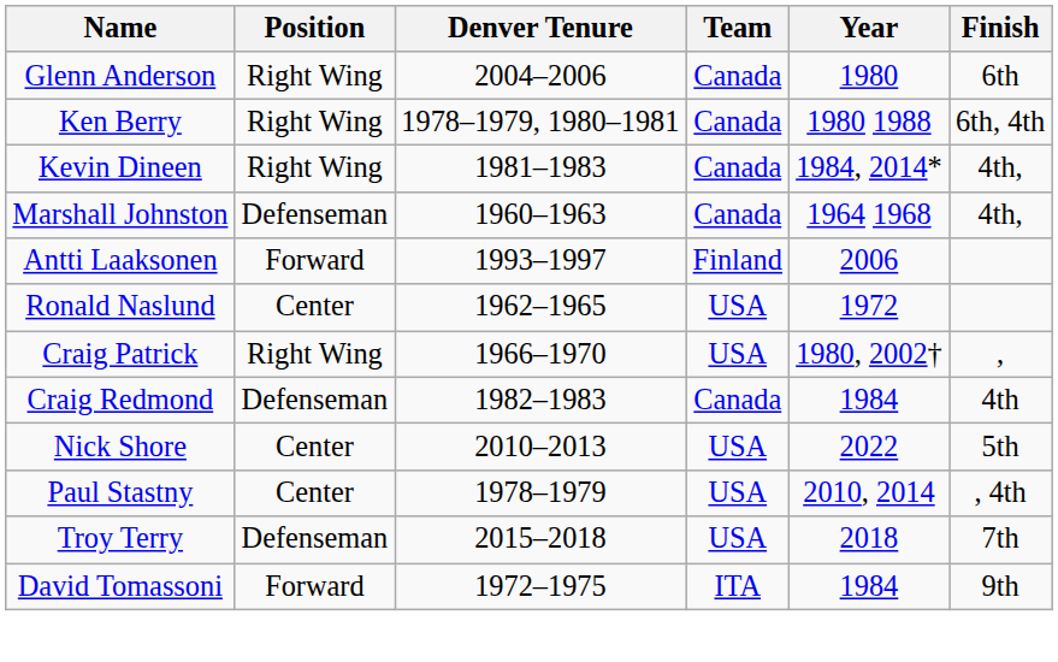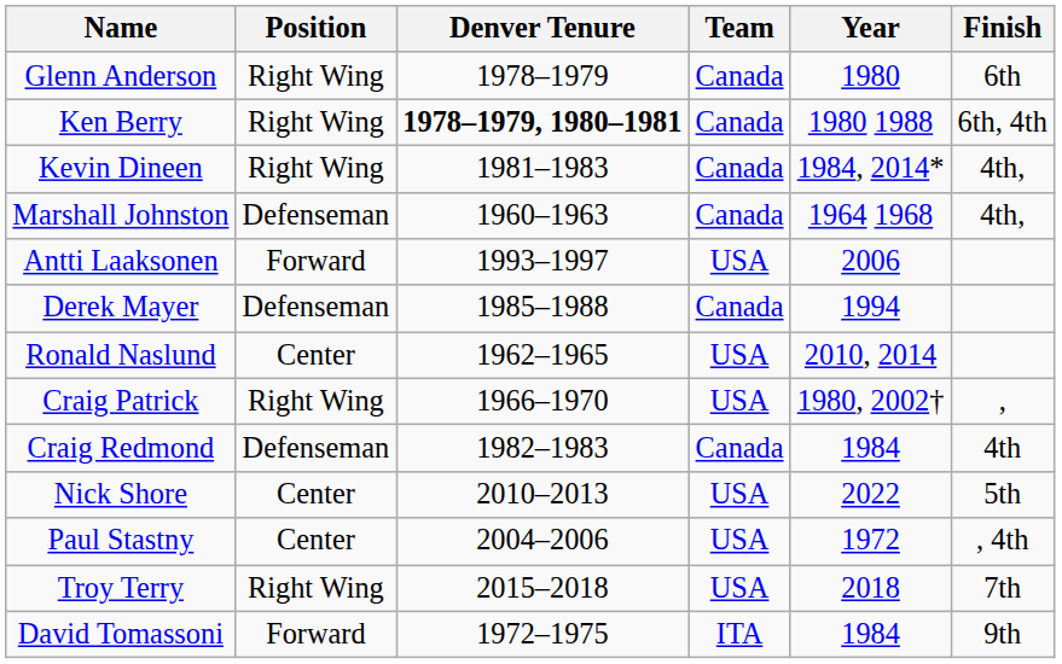 <table class="wikitable" style="text-align:center;">
 <tr>
 <th>Name</th>
 <th>Position</th>
 <th>Denver Tenure</th>
 <th>Team</th>
 <th>Year</th>
 <th>Finish</th>
 </tr>
 <tr>
 <td><a href='#'>Glenn Anderson</a></td>
 <td>Right Wing</td>
-<td>2004–2006</td>
+<td>1978–1979</td>
 <td> <a href='#'>Canada</a></td>
 <td><a href='#'>1980</a></td>
 <td>6th</td>
 </tr>
 <tr align="center">
 <td><a href='#'>Ken Berry</a></td>
 <td>Right Wing</td>
-<td>1978–1979, 1980–1981</td>
+<td><strong>1978–1979, 1980–1981</strong></td>
 <td> <a href='#'>Canada</a></td>
 <td><a href='#'>1980</a> <a href='#'>1988</a></td>
 <td>6th, 4th</td>
 </tr>
 <tr>
 <td><a href='#'>Kevin Dineen</a></td>
 <td>Right Wing</td>
 <td>1981–1983</td>
 <td> <a href='#'>Canada</a></td>
 <td><a href='#'>1984</a>, <a href='#'>2014</a>*</td>
 <td>4th, </td>
 </tr>
 <tr>
 <td><a href='#'>Marshall Johnston</a></td>
 <td>Defenseman</td>
 <td>1960–1963</td>
 <td> <a href='#'>Canada</a></td>
 <td><a href='#'>1964</a> <a href='#'>1968</a></td>
 <td>4th, </td>
 </tr>
 <tr>
 <td><a href='#'>Antti Laaksonen</a></td>
 <td>Forward</td>
 <td>1993–1997</td>
-<td> <a href='#'>Finland</a></td>
+<td> <a href='#'>USA</a></td>
 <td><a href='#'>2006</a></td>
+<td></td>
+</tr>
+<tr>
+<td><a href='#'>Derek Mayer</a></td>
+<td>Defenseman</td>
+<td>1985–1988</td>
+<td> <a href='#'>Canada</a></td>
+<td><a href='#'>1994</a></td>
 <td></td>
 </tr>
 <tr>
 <td><a href='#'>Ronald Naslund</a></td>
 <td>Center</td>
 <td>1962–1965</td>
 <td> <a href='#'>USA</a></td>
-<td><a href='#'>1972</a></td>
+<td><a href='#'>2010</a>, <a href='#'>2014</a></td>
 <td></td>
 </tr>
 <tr>
 <td><a href='#'>Craig Patrick</a></td>
 <td>Right Wing</td>
 <td>1966–1970</td>
 <td> <a href='#'>USA</a></td>
 <td><a href='#'>1980</a>, <a href='#'>2002</a>†</td>
 <td>, </td>
 </tr>
 <tr>
 <td><a href='#'>Craig Redmond</a></td>
 <td>Defenseman</td>
 <td>1982–1983</td>
 <td> <a href='#'>Canada</a></td>
 <td><a href='#'>1984</a></td>
 <td>4th</td>
 </tr>
 <tr>
 <td><a href='#'>Nick Shore</a></td>
 <td>Center</td>
 <td>2010–2013</td>
 <td> <a href='#'>USA</a></td>
 <td><a href='#'>2022</a></td>
 <td>5th</td>
 </tr>
 <tr>
 <td><a href='#'>Paul Stastny</a></td>
 <td>Center</td>
-<td>1978–1979</td>
+<td>2004–2006</td>
 <td> <a href='#'>USA</a></td>
-<td><a href='#'>2010</a>, <a href='#'>2014</a></td>
+<td><a href='#'>1972</a></td>
 <td>, 4th</td>
 </tr>
 <tr>
 <td><a href='#'>Troy Terry</a></td>
-<td>Defenseman</td>
+<td>Right Wing</td>
 <td>2015–2018</td>
 <td> <a href='#'>USA</a></td>
 <td><a href='#'>2018</a></td>
 <td>7th</td>
 </tr>
 <tr>
 <td><a href='#'>David Tomassoni</a></td>
 <td>Forward</td>
 <td>1972–1975</td>
 <td> <a href='#'>ITA</a></td>
 <td><a href='#'>1984</a></td>
 <td>9th</td>
 </tr>
 </table>
